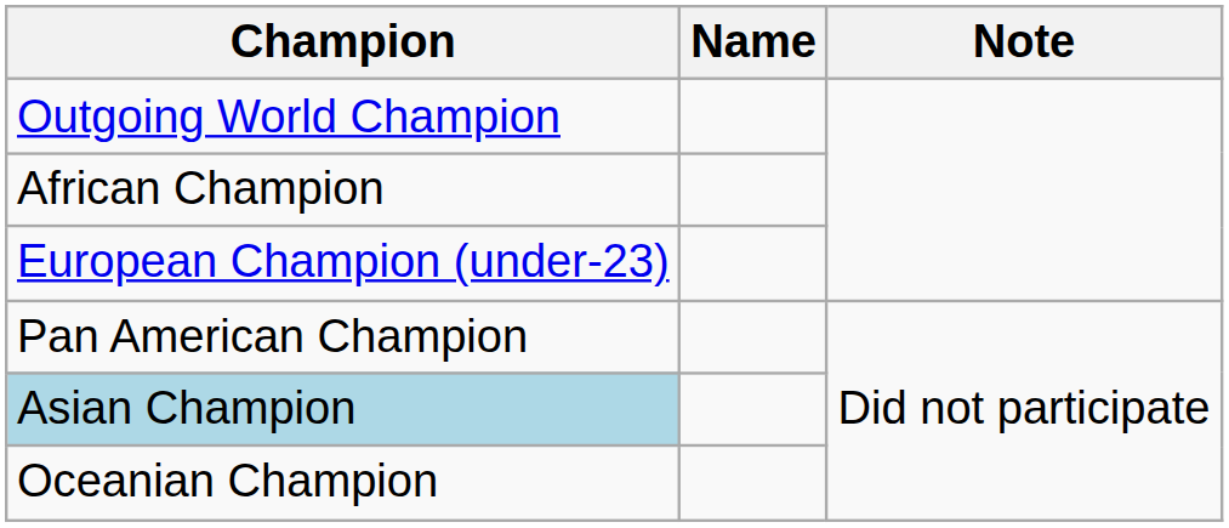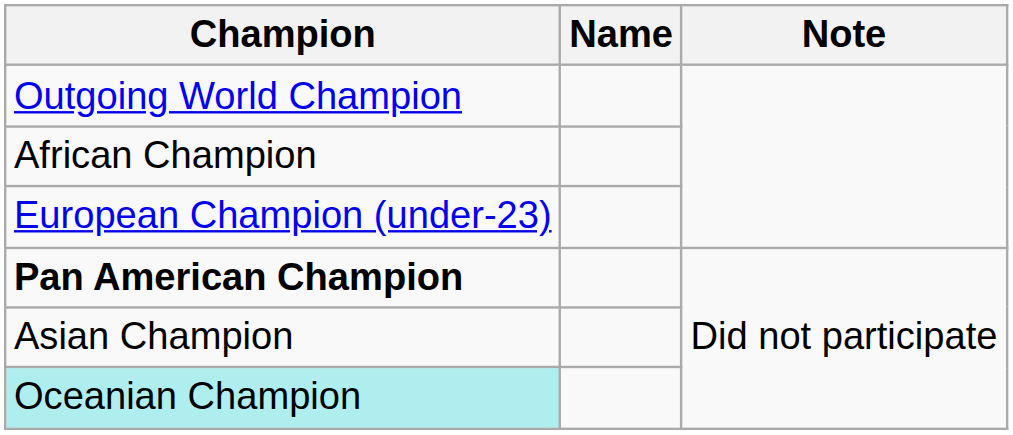 <table class="wikitable">
 <tr>
 <th>Champion</th>
 <th>Name</th>
 <th>Note</th>
 </tr>
 <tr>
 <td><a href='#'>Outgoing World Champion</a></td>
 <td></td>
 <td rowspan=3></td>
 </tr>
 <tr>
 <td>African Champion</td>
 <td></td>
 </tr>
 <tr>
 <td><a href='#'>European Champion (under-23)</a></td>
 <td></td>
 </tr>
 <tr>
-<td>Pan American Champion</td>
+<td><strong>Pan American Champion</strong></td>
 <td></td>
 <td rowspan=3>Did not participate</td>
 </tr>
 <tr>
-<td style="background: lightblue;">Asian Champion</td>
+<td>Asian Champion</td>
 <td></td>
 </tr>
 <tr>
-<td>Oceanian Champion</td>
+<td style="background: paleturquoise;">Oceanian Champion</td>
 <td></td>
 </tr>
 </table>
